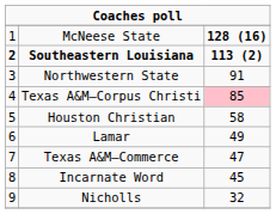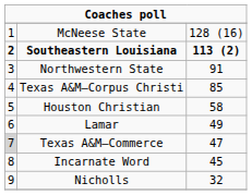 <table class="wikitable">
 <tr align="center">
 <td align="center" Colspan="3"><strong>Coaches poll</strong></td>
 </tr>
 <tr align="center">
 </tr>
 <tr align="center">
 <td>1</td>
 <td>McNeese State</td>
-<td><strong>128 (16)</strong></td>
+<td>128 (16)</td>
 </tr>
 <tr align="center">
 <td><strong>2</strong></td>
 <td><strong>Southeastern Louisiana</strong></td>
 <td><strong>113 (2)</strong></td>
 </tr>
 <tr align="center">
 <td>3</td>
 <td>Northwestern State</td>
 <td>91</td>
 </tr>
 <tr align="center">
 <td>4</td>
 <td>Texas A&M–Corpus Christi</td>
-<td style="background: pink;">85</td>
+<td>85</td>
 </tr>
 <tr align="center">
 <td>5</td>
 <td>Houston Christian</td>
 <td>58</td>
 </tr>
 <tr align="center">
 <td>6</td>
 <td>Lamar</td>
 <td>49</td>
 </tr>
 <tr align="center">
-<td>7</td>
+<td style="background: lightgrey;">7</td>
 <td>Texas A&M–Commerce</td>
 <td>47</td>
 </tr>
 <tr align="center">
 <td>8</td>
 <td>Incarnate Word</td>
 <td>45</td>
 </tr>
 <tr align="center">
 <td>9</td>
 <td>Nicholls</td>
 <td>32</td>
 </tr>
 <tr align="center">
 </tr>
 </table>
